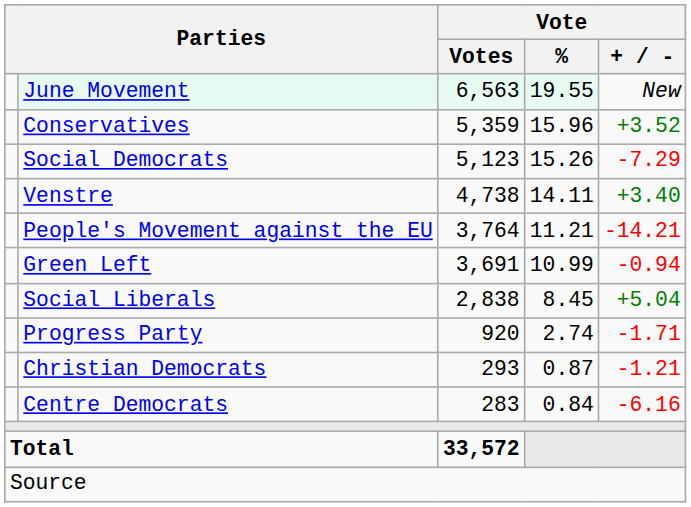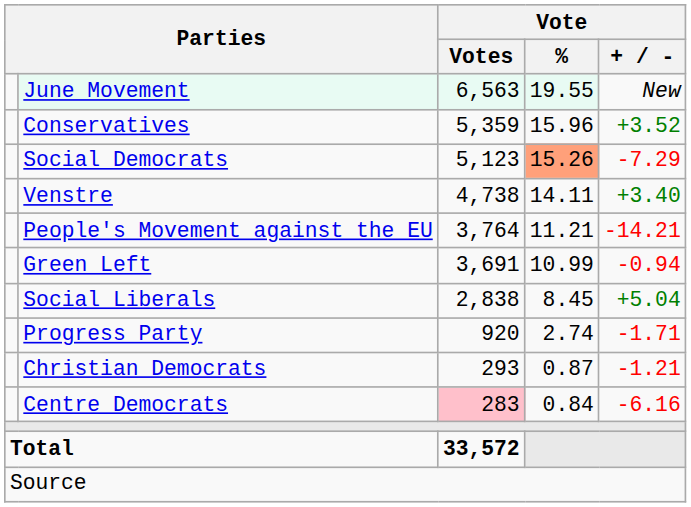 <table class="wikitable" style="text-align:right;">
 <tr>
 <th style="text-align:centre;" rowspan="2" colspan="2" width="225">Parties</th>
 <th colspan="3">Vote</th>
 </tr>
 <tr>
 <th width="15">Votes</th>
 <th width="15">%</th>
 <th width="15">+ / -</th>
 </tr>
 <tr>
 <td width="2" style="color:inherit;background:"></td>
 <td bgcolor=#e8fbf3   align="left"><a href='#'>June Movement</a></td>
 <td bgcolor=#e8fbf3>6,563</td>
 <td bgcolor=#e8fbf3>19.55</td>
 <td><em>New</em></td>
 </tr>
 <tr>
 <td width="2" style="color:inherit;background:"></td>
 <td align="left"><a href='#'>Conservatives</a></td>
 <td>5,359</td>
 <td>15.96</td>
 <td style=color:green;>+3.52</td>
 </tr>
 <tr>
 <td width="2" style="color:inherit;background:"></td>
 <td align="left"><a href='#'>Social Democrats</a></td>
 <td>5,123</td>
-<td>15.26</td>
+<td style="background: lightsalmon;">15.26</td>
 <td style=color:red;>-7.29</td>
 </tr>
 <tr>
 <td width="2" style="color:inherit;background:"></td>
 <td align="left"><a href='#'>Venstre</a></td>
 <td>4,738</td>
 <td>14.11</td>
 <td style=color:green;>+3.40</td>
 </tr>
 <tr>
 <td width="2" style="color:inherit;background:"></td>
 <td align="left"><a href='#'>People's Movement against the EU</a></td>
 <td>3,764</td>
 <td>11.21</td>
 <td style=color:red;>-14.21</td>
 </tr>
 <tr>
 <td width="2" style="color:inherit;background:"></td>
 <td align="left"><a href='#'>Green Left</a></td>
 <td>3,691</td>
 <td>10.99</td>
 <td style=color:red;>-0.94</td>
 </tr>
 <tr>
 <td width="2" style="color:inherit;background:"></td>
 <td align="left"><a href='#'>Social Liberals</a></td>
 <td>2,838</td>
 <td>8.45</td>
 <td style=color:green;>+5.04</td>
 </tr>
 <tr>
 <td width="2" style="color:inherit;background:"></td>
 <td align="left"><a href='#'>Progress Party</a></td>
 <td>920</td>
 <td>2.74</td>
 <td style=color:red;>-1.71</td>
 </tr>
 <tr>
 <td width="2" style="color:inherit;background:"></td>
 <td align="left"><a href='#'>Christian Democrats</a></td>
 <td>293</td>
 <td>0.87</td>
 <td style=color:red;>-1.21</td>
 </tr>
 <tr>
 <td width="2" style="color:inherit;background:"></td>
 <td align="left"><a href='#'>Centre Democrats</a></td>
-<td>283</td>
+<td style="background: pink;">283</td>
 <td>0.84</td>
 <td style=color:red;>-6.16</td>
 </tr>
 <tr>
 <td colspan="7" bgcolor="#E9E9E9"></td>
 </tr>
 <tr>
 <td align="left" colspan="2"><strong>Total</strong></td>
 <td><strong>33,572</strong></td>
 <td bgcolor="#E9E9E9" colspan="2"></td>
 </tr>
 <tr>
 <td align="left" colspan="6">Source</td>
 </tr>
 </table>
